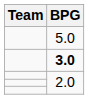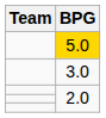 <table class=wikitable>
 <tr>
 <th>Team</th>
 <th>BPG</th>
 </tr>
 <tr>
 <td></td>
-<td align=center>5.0</td>
+<td align=center style="background: gold;">5.0</td>
 </tr>
 <tr>
 <td></td>
-<td align=center><strong>3.0</strong></td>
+<td align=center>3.0</td>
 </tr>
 <tr>
 <td></td>
 <td align=center rowspan=3>2.0</td>
 </tr>
 <tr>
 <td></td>
 </tr>
 <tr>
 <td></td>
 </tr>
 </table>
